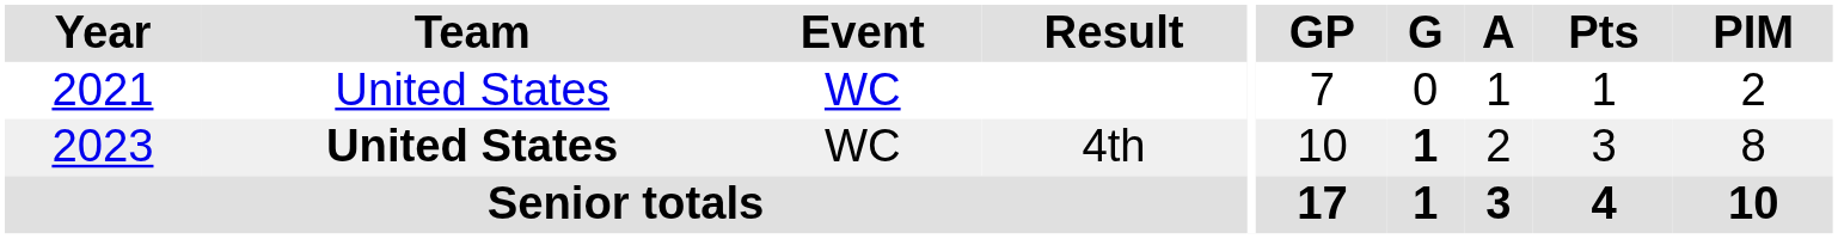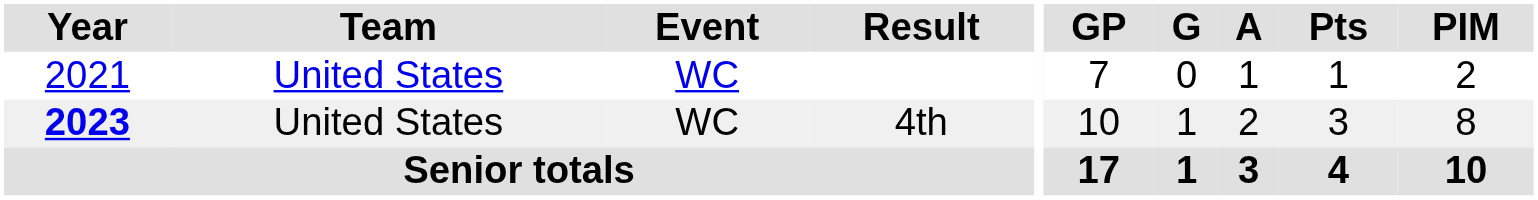 <table border="0" cellpadding="1" cellspacing="0" ID="Table3" style="text-align:center; width:40em;">
 <tr bgcolor="#e0e0e0">
 <th>Year</th>
 <th>Team</th>
 <th>Event</th>
 <th>Result</th>
 <th rowspan="99" bgcolor="#ffffff"></th>
 <th>GP</th>
 <th>G</th>
 <th>A</th>
 <th>Pts</th>
 <th>PIM</th>
 </tr>
 <tr>
 <td><a href='#'>2021</a></td>
 <td><a href='#'>United States</a></td>
 <td><a href='#'>WC</a></td>
 <td></td>
 <td>7</td>
 <td>0</td>
 <td>1</td>
 <td>1</td>
 <td>2</td>
 </tr>
 <tr bgcolor="#f0f0f0">
-<td><a href='#'>2023</a></td>
-<td><strong>United States</strong></td>
+<td><strong><a href='#'>2023</a></strong></td>
+<td>United States</td>
 <td>WC</td>
 <td>4th</td>
 <td>10</td>
-<td><strong>1</strong></td>
+<td>1</td>
 <td>2</td>
 <td>3</td>
 <td>8</td>
 </tr>
 <tr bgcolor="#e0e0e0">
 <th colspan="4">Senior totals</th>
 <th>17</th>
 <th>1</th>
 <th>3</th>
 <th>4</th>
 <th>10</th>
 </tr>
 </table>
